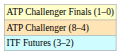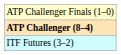 <table class=wikitable style=font-size:90%>
 <tr bgcolor=#ffffcc>
 <td>ATP Challenger Finals (1–0)</td>
 </tr>
 <tr bgcolor=moccasin>
-<td>ATP Challenger (8–4)</td>
+<td><strong>ATP Challenger (8–4)</strong></td>
 </tr>
 <tr bgcolor=cffcff>
 <td>ITF Futures (3–2)</td>
 </tr>
 </table>
